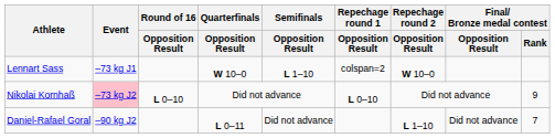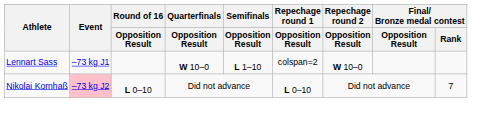 <table class= wikitable style="font-size:90%">
 <tr>
 <th rowspan="2">Athlete</th>
 <th rowspan="2">Event</th>
 <th>Round of 16</th>
 <th>Quarterfinals</th>
 <th>Semifinals</th>
 <th>Repechage <br>round 1</th>
 <th>Repechage <br>round 2</th>
 <th colspan=2>Final/<br>Bronze medal contest</th>
 </tr>
 <tr>
 <th>Opposition<br>Result</th>
 <th>Opposition<br>Result</th>
 <th>Opposition<br>Result</th>
 <th>Opposition<br>Result</th>
 <th>Opposition<br>Result</th>
 <th>Opposition<br>Result</th>
 <th>Rank</th>
 </tr>
 <tr align=center>
 <td align=left><a href='#'>Lennart Sass</a></td>
 <td align=left><a href='#'>–73 kg J1</a></td>
 <td></td>
 <td><br><strong>W</strong> 10–0</td>
 <td><br><strong>L</strong> 1–10</td>
 <td>colspan=2</td>
 <td><br><strong>W</strong> 10–0</td>
 <td></td>
 </tr>
 <tr align=center>
 <td align=left><a href='#'>Nikolai Kornhaß</a></td>
 <td align=left style="background: pink;"><a href='#'>–73 kg J2</a></td>
 <td><br><strong>L</strong> 0–10</td>
 <td colspan=2>Did not advance</td>
 <td><br><strong>L</strong> 0–10</td>
 <td colspan=2>Did not advance</td>
-<td>9</td>
-</tr>
-<tr align=center>
-<td align=left><a href='#'>Daniel-Rafael Goral</a></td>
-<td align=left><a href='#'>–90 kg J2</a></td>
-<td></td>
-<td><br><strong>L</strong> 0–11</td>
-<td>Did not advance</td>
-<td></td>
-<td><br><strong>L</strong> 1–10</td>
-<td>Did not advance</td>
 <td>7</td>
 </tr>
 </table>
